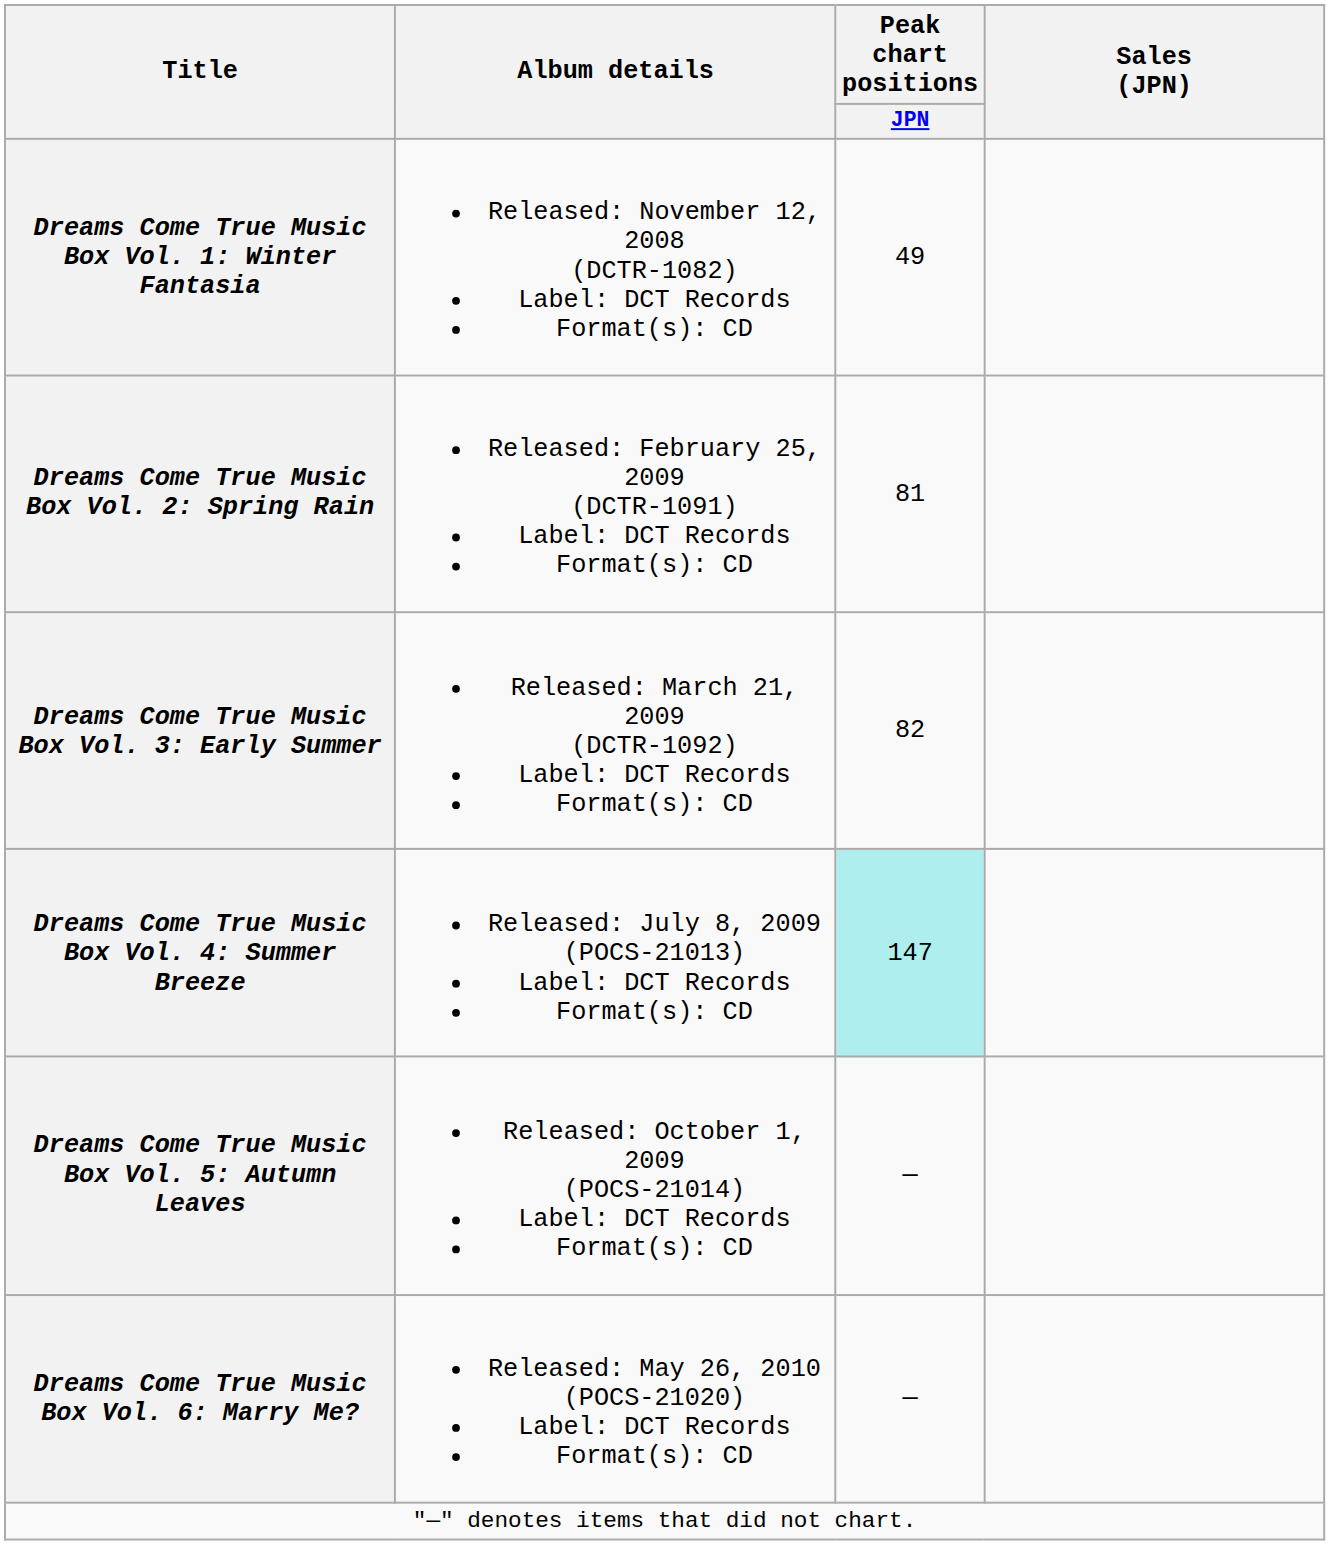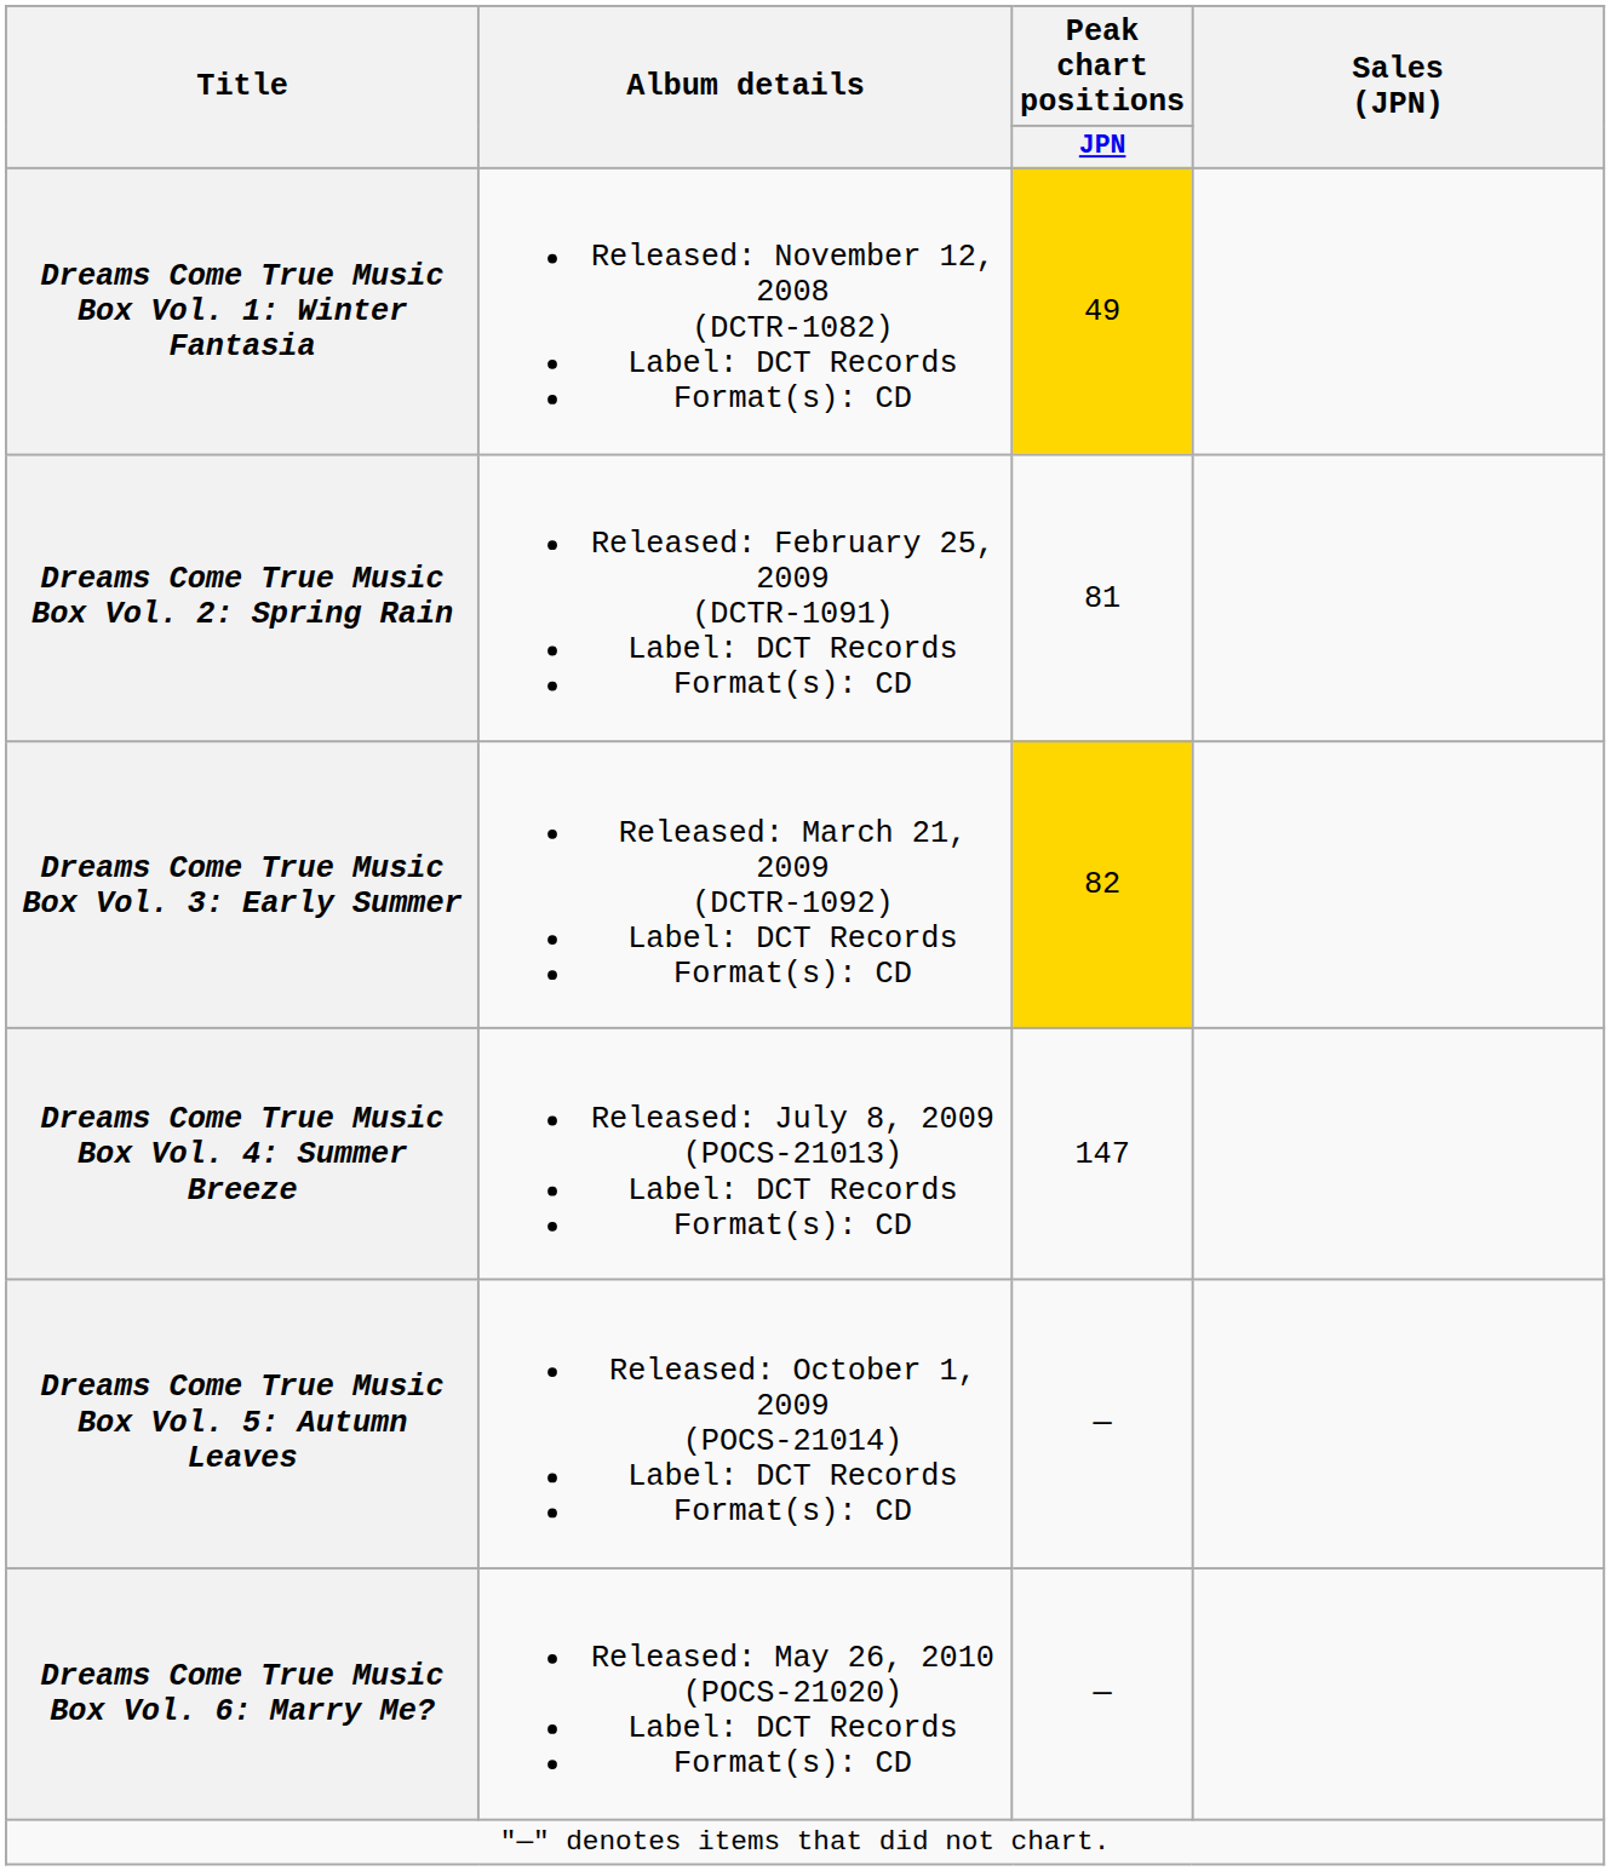 <table class="wikitable plainrowheaders" style="text-align:center;" border="1">
 <tr>
 <th scope="col" rowspan="2" style="width:15em;">Title</th>
 <th scope="col" rowspan="2" style="width:17em;">Album details</th>
 <th colspan="1">Peak chart positions</th>
 <th scope="col" rowspan="2" style="width:13em;">Sales<br>(JPN)<br></th>
 </tr>
 <tr>
 <th style="width:3em;font-size:85%"><a href='#'>JPN</a><br></th>
 </tr>
 <tr>
 <th scope="row"><em>Dreams Come True Music Box Vol. 1: Winter Fantasia</em></th>
 <td><br><ul><li>Released: November 12, 2008<br><span>(DCTR-1082)</span></li><li>Label: DCT Records</li><li>Format(s): CD</li></ul></td>
-<td>49</td>
+<td style="background: gold;">49</td>
 <td></td>
 </tr>
 <tr>
 <th scope="row"><em>Dreams Come True Music Box Vol. 2: Spring Rain</em></th>
 <td><br><ul><li>Released: February 25, 2009<br><span>(DCTR-1091)</span></li><li>Label: DCT Records</li><li>Format(s): CD</li></ul></td>
 <td>81</td>
 <td></td>
 </tr>
 <tr>
 <th scope="row"><em>Dreams Come True Music Box Vol. 3: Early Summer</em></th>
 <td><br><ul><li>Released: March 21, 2009<br><span>(DCTR-1092)</span></li><li>Label: DCT Records</li><li>Format(s): CD</li></ul></td>
-<td>82</td>
+<td style="background: gold;">82</td>
 <td></td>
 </tr>
 <tr>
 <th scope="row"><em>Dreams Come True Music Box Vol. 4: Summer Breeze</em></th>
 <td><br><ul><li>Released: July 8, 2009<br><span>(POCS-21013)</span></li><li>Label: DCT Records</li><li>Format(s): CD</li></ul></td>
-<td style="background: paleturquoise;">147</td>
+<td>147</td>
 <td></td>
 </tr>
 <tr>
 <th scope="row"><em>Dreams Come True Music Box Vol. 5: Autumn Leaves</em></th>
 <td><br><ul><li>Released: October 1, 2009<br><span>(POCS-21014)</span></li><li>Label: DCT Records</li><li>Format(s): CD</li></ul></td>
 <td>—</td>
 <td></td>
 </tr>
 <tr>
 <th scope="row"><em>Dreams Come True Music Box Vol. 6: Marry Me?</em></th>
 <td><br><ul><li>Released: May 26, 2010<br><span>(POCS-21020)</span></li><li>Label: DCT Records</li><li>Format(s): CD</li></ul></td>
 <td>—</td>
 <td></td>
 </tr>
 <tr>
 <td colspan="4" align="center" style="font-size:90%;">"—" denotes items that did not chart.</td>
 </tr>
 </table>
